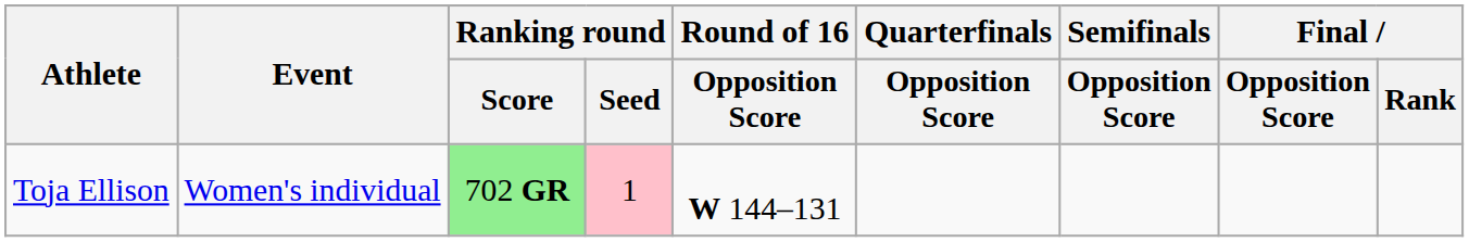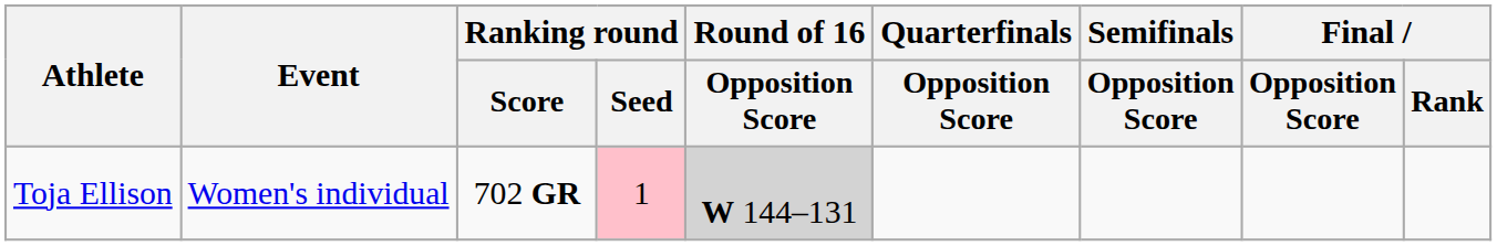 <table class="wikitable" style="text-align:center; font-size:90%">
 <tr>
 <th rowspan="2">Athlete</th>
 <th rowspan="2">Event</th>
 <th colspan="2">Ranking round</th>
 <th>Round of 16</th>
 <th>Quarterfinals</th>
 <th>Semifinals</th>
 <th colspan="2">Final / </th>
 </tr>
 <tr style="font-size:95%">
 <th>Score</th>
 <th>Seed</th>
 <th>Opposition<br>Score</th>
 <th>Opposition<br>Score</th>
 <th>Opposition<br>Score</th>
 <th>Opposition<br>Score</th>
 <th>Rank</th>
 </tr>
 <tr>
 <td align="left"><a href='#'>Toja Ellison</a></td>
 <td align="left"><a href='#'>Women's individual</a></td>
-<td style="background: lightgreen;">702 <strong>GR</strong></td>
+<td>702 <strong>GR</strong></td>
 <td style="background: pink;">1</td>
-<td><br><strong>W</strong> 144–131</td>
+<td style="background: lightgrey;"><br><strong>W</strong> 144–131</td>
 <td><br></td>
 <td></td>
 <td></td>
 <td></td>
 </tr>
 </table>
